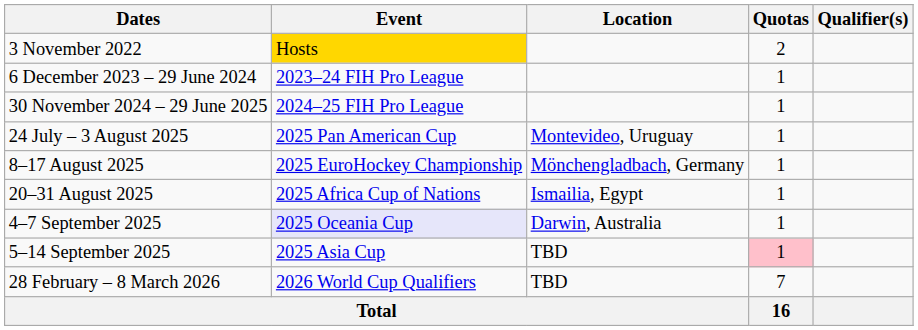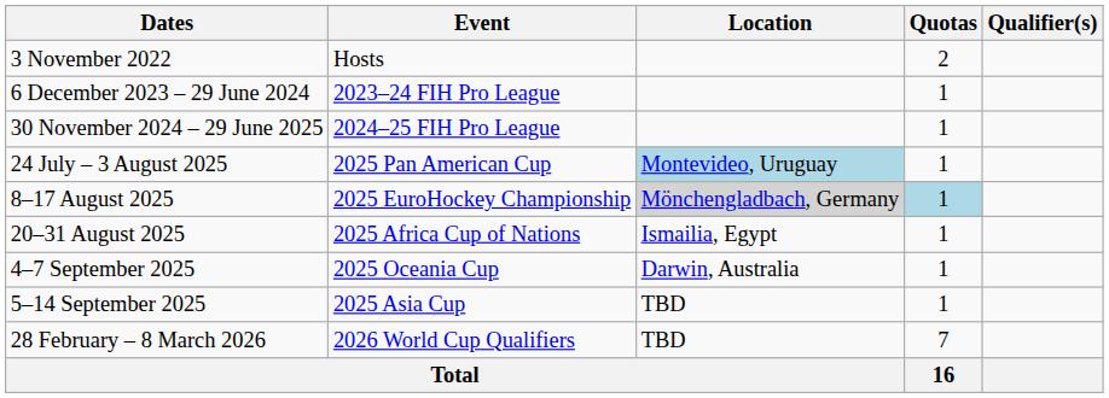 <table class="wikitable">
 <tr>
 <th>Dates</th>
 <th>Event</th>
 <th>Location</th>
 <th>Quotas</th>
 <th>Qualifier(s)</th>
 </tr>
 <tr>
 <td>3 November 2022</td>
-<td style="background: gold;">Hosts</td>
+<td>Hosts</td>
 <td></td>
 <td align="center">2</td>
 <td><br></td>
 </tr>
 <tr>
 <td>6 December 2023 – 29 June 2024</td>
 <td><a href='#'>2023–24 FIH Pro League</a></td>
 <td></td>
 <td align="center">1</td>
 <td></td>
 </tr>
 <tr>
 <td>30 November 2024 – 29 June 2025</td>
 <td><a href='#'>2024–25 FIH Pro League</a></td>
 <td></td>
 <td align="center">1</td>
 <td></td>
 </tr>
 <tr>
 <td>24 July – 3 August 2025</td>
 <td><a href='#'>2025 Pan American Cup</a></td>
-<td><a href='#'>Montevideo</a>, Uruguay</td>
+<td style="background: lightblue;"><a href='#'>Montevideo</a>, Uruguay</td>
 <td align="center">1</td>
 <td></td>
 </tr>
 <tr>
 <td>8–17 August 2025</td>
 <td><a href='#'>2025 EuroHockey Championship</a></td>
-<td><a href='#'>Mönchengladbach</a>, Germany</td>
-<td align="center">1</td>
+<td style="background: lightgrey;"><a href='#'>Mönchengladbach</a>, Germany</td>
+<td align="center" style="background: lightblue;">1</td>
 <td></td>
 </tr>
 <tr>
 <td>20–31 August 2025</td>
 <td><a href='#'>2025 Africa Cup of Nations</a></td>
 <td><a href='#'>Ismailia</a>, Egypt</td>
 <td align="center">1</td>
 <td></td>
 </tr>
 <tr>
 <td>4–7 September 2025</td>
-<td style="background: lavender;"><a href='#'>2025 Oceania Cup</a></td>
+<td><a href='#'>2025 Oceania Cup</a></td>
 <td><a href='#'>Darwin</a>, Australia</td>
 <td align="center">1</td>
 <td></td>
 </tr>
 <tr>
 <td>5–14 September 2025</td>
 <td><a href='#'>2025 Asia Cup</a></td>
 <td>TBD</td>
-<td align="center" style="background: pink;">1</td>
+<td align="center">1</td>
 <td></td>
 </tr>
 <tr>
 <td>28 February – 8 March 2026</td>
 <td><a href='#'>2026 World Cup Qualifiers</a></td>
 <td>TBD</td>
 <td align="center">7</td>
 <td></td>
 </tr>
 <tr>
 <th colspan="3">Total</th>
 <th>16</th>
 <th></th>
 </tr>
 </table>
